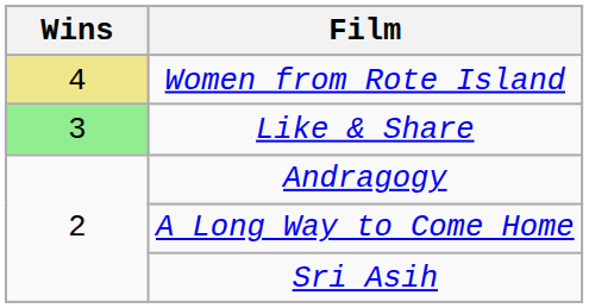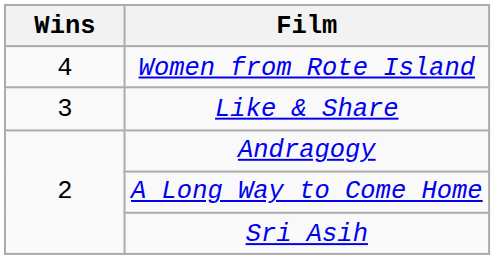 <table class="wikitable plainrowheaders" style="text-align: center;">
 <tr>
 <th scope="col" style="width:55px;">Wins</th>
 <th scope="col" style="text-align:center;">Film</th>
 </tr>
 <tr>
-<td style="background: khaki;">4</td>
+<td>4</td>
 <td><em><a href='#'>Women from Rote Island</a></em></td>
 </tr>
 <tr>
-<td style="background: lightgreen;">3</td>
+<td>3</td>
 <td><em><a href='#'>Like & Share</a></em></td>
 </tr>
 <tr>
 <td rowspan="3">2</td>
 <td><em><a href='#'>Andragogy</a></em></td>
 </tr>
 <tr>
 <td><em><a href='#'>A Long Way to Come Home</a></em></td>
 </tr>
 <tr>
 <td><em><a href='#'>Sri Asih</a></em></td>
 </tr>
 </table>
